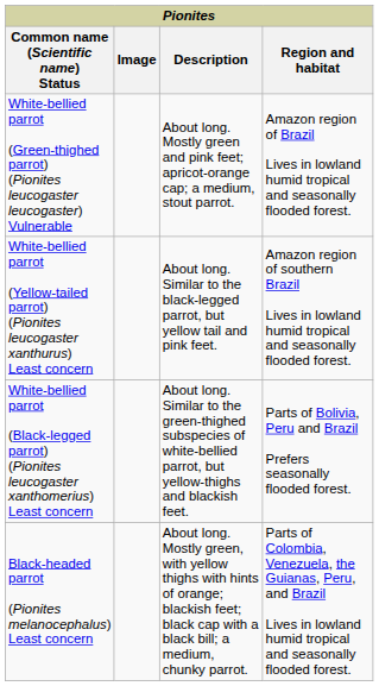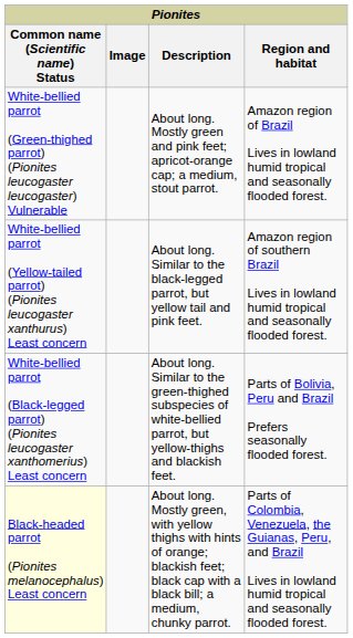 <table style="width:70%;" class="wikitable" border="1">
 <tr>
 <th align="center" style="background-color: #D3D3A4" colspan ="4"><strong><em>Pionites</em></strong></th>
 </tr>
 <tr>
 <th width = "20%">Common name<br>(<em>Scientific name</em>)<br>Status</th>
 <th>Image</th>
 <th align="center">Description</th>
 <th width = "30%">Region and habitat</th>
 </tr>
 <tr>
 <td><a href='#'>White-bellied parrot</a><br><br>(<a href='#'>Green-thighed parrot</a>)<br> (<em>Pionites leucogaster leucogaster</em>)<br> <a href='#'>Vulnerable</a></td>
 <td></td>
 <td>About  long. Mostly green and pink feet; apricot-orange cap; a medium, stout parrot.</td>
 <td>Amazon region of <a href='#'>Brazil</a><br><br>Lives in lowland humid tropical and seasonally flooded forest.</td>
 </tr>
 <tr>
 <td><a href='#'>White-bellied parrot</a><br><br>(<a href='#'>Yellow-tailed parrot</a>)<br> (<em>Pionites leucogaster xanthurus</em>)<br> <a href='#'>Least concern</a></td>
 <td></td>
 <td>About  long. Similar to the black-legged parrot, but yellow tail and pink feet.</td>
 <td>Amazon region of southern <a href='#'>Brazil</a><br><br>Lives in lowland humid tropical and seasonally flooded forest.</td>
 </tr>
 <tr>
 <td><a href='#'>White-bellied parrot</a><br><br>(<a href='#'>Black-legged parrot</a>)<br> (<em>Pionites leucogaster xanthomerius</em>)<br> <a href='#'>Least concern</a></td>
 <td></td>
 <td>About  long. Similar to the green-thighed subspecies of  white-bellied parrot, but yellow-thighs and blackish feet.</td>
 <td>Parts of <a href='#'>Bolivia</a>, <a href='#'>Peru</a> and <a href='#'>Brazil</a><br><br>Prefers seasonally flooded forest.</td>
 </tr>
 <tr>
-<td><a href='#'>Black-headed parrot</a><br><br>(<em>Pionites melanocephalus</em>)<br> <a href='#'>Least concern</a></td>
+<td style="background: lightyellow;"><a href='#'>Black-headed parrot</a><br><br>(<em>Pionites melanocephalus</em>)<br> <a href='#'>Least concern</a></td>
 <td></td>
 <td>About  long. Mostly green, with yellow thighs with hints of orange; blackish feet; black cap with a black bill; a medium, chunky parrot.</td>
 <td>Parts of <a href='#'>Colombia</a>, <a href='#'>Venezuela</a>, <a href='#'>the Guianas</a>, <a href='#'>Peru</a>, and <a href='#'>Brazil</a><br><br>Lives in lowland humid tropical and seasonally flooded forest.</td>
 </tr>
 </table>
